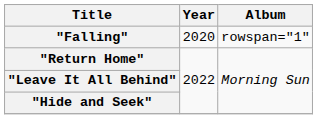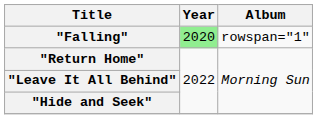 <table class="wikitable plainrowheaders" style="text-align:center;">
 <tr>
 <th>Title</th>
 <th>Year</th>
 <th>Album</th>
 </tr>
 <tr>
 <th scope="row">"Falling"</th>
-<td rowspan="1">2020</td>
+<td rowspan="1" style="background: lightgreen;">2020</td>
 <td>rowspan="1" </td>
 </tr>
 <tr>
 <th scope="row">"Return Home"</th>
 <td rowspan="3">2022</td>
 <td rowspan="3"><em>Morning Sun</em></td>
 </tr>
 <tr>
 <th scope="row">"Leave It All Behind"</th>
 </tr>
 <tr>
 <th scope="row">"Hide and Seek"</th>
 </tr>
 <tr>
 </tr>
 </table>
